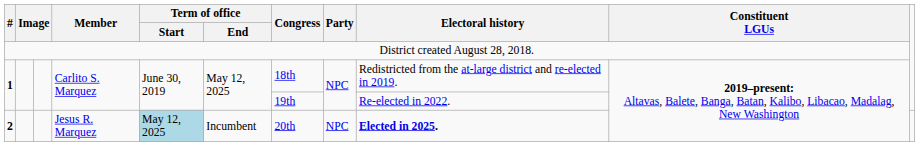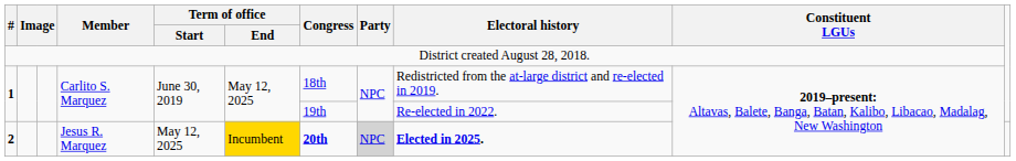 <table class="wikitable">
 <tr>
 <th rowspan="2">#</th>
 <th rowspan="2" colspan="2">Image</th>
 <th rowspan="2">Member</th>
 <th colspan="2">Term of office</th>
 <th rowspan="2">Congress</th>
 <th rowspan="2">Party</th>
 <th rowspan="2">Electoral history</th>
 <th rowspan="2" width="33%">Constituent<br><a href='#'>LGUs</a></th>
 </tr>
 <tr>
 <th>Start</th>
 <th>End</th>
 </tr>
 <tr>
 <td colspan="10" style="text-align:center;">District created August 28, 2018.</td>
 </tr>
 <tr>
 <td rowspan="2"><strong>1</strong></td>
 <td rowspan="2" style="background:"></td>
 <td rowspan="2"></td>
 <td rowspan="2"><a href='#'>Carlito S. Marquez</a></td>
 <td rowspan="2">June 30, 2019</td>
 <td rowspan="2">May 12, 2025</td>
 <td><a href='#'>18th</a></td>
 <td rowspan="2"><a href='#'>NPC</a></td>
 <td>Redistricted from the <a href='#'>at-large district</a> and <a href='#'>re-elected in 2019</a>.</td>
 <td rowspan="3" align="center"><strong>2019–present:</strong><br><a href='#'>Altavas</a>, <a href='#'>Balete</a>, <a href='#'>Banga</a>, <a href='#'>Batan</a>, <a href='#'>Kalibo</a>, <a href='#'>Libacao</a>, <a href='#'>Madalag</a>, <a href='#'>New Washington</a></td>
 </tr>
 <tr>
 <td><a href='#'>19th</a></td>
 <td><a href='#'>Re-elected in 2022</a>.</td>
 </tr>
 <tr>
 <td><strong>2</strong></td>
 <td style="background:"></td>
 <td></td>
 <td><a href='#'>Jesus R. Marquez</a></td>
-<td style="background: lightblue;">May 12, 2025</td>
-<td>Incumbent</td>
-<td><a href='#'>20th</a></td>
-<td><a href='#'>NPC</a></td>
+<td>May 12, 2025</td>
+<td style="background: gold;">Incumbent</td>
+<td><strong><a href='#'>20th</a></strong></td>
+<td style="background: lightgrey;"><a href='#'>NPC</a></td>
 <td><strong><a href='#'>Elected in 2025</a>.</strong></td>
 <td align="center"></td>
 </tr>
 </table>
